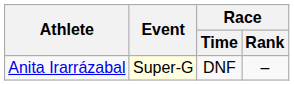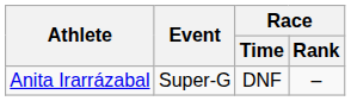 <table class="wikitable" style="font-size:90%">
 <tr>
 <th rowspan="2">Athlete</th>
 <th rowspan="2">Event</th>
 <th colspan="2">Race</th>
 </tr>
 <tr>
 <th>Time</th>
 <th>Rank</th>
 </tr>
 <tr>
 <td><a href='#'>Anita Irarrázabal</a></td>
-<td style="background: lightyellow;">Super-G</td>
+<td>Super-G</td>
 <td align="center">DNF</td>
 <td align="center">–</td>
 </tr>
 </table>
